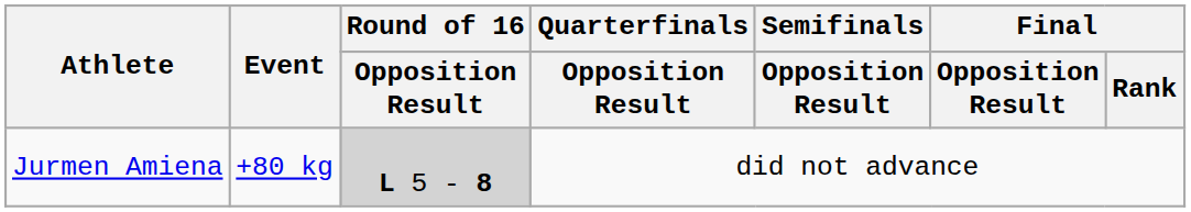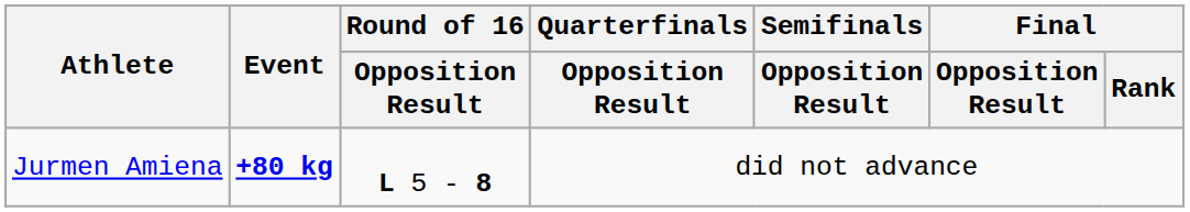 <table class="wikitable" style="font-size:90%">
 <tr>
 <th rowspan="2">Athlete</th>
 <th rowspan="2">Event</th>
 <th>Round of 16</th>
 <th>Quarterfinals</th>
 <th>Semifinals</th>
 <th colspan="2">Final</th>
 </tr>
 <tr>
 <th>Opposition<br>Result</th>
 <th>Opposition<br>Result</th>
 <th>Opposition<br>Result</th>
 <th>Opposition<br>Result</th>
 <th>Rank</th>
 </tr>
 <tr>
 <td><a href='#'>Jurmen Amiena</a></td>
-<td><a href='#'>+80 kg</a></td>
-<td align=center style="background: lightgrey;"> <br><strong>L</strong> 5 - <strong>8</strong></td>
+<td><strong><a href='#'>+80 kg</a></strong></td>
+<td align=center> <br><strong>L</strong> 5 - <strong>8</strong></td>
 <td align=center colspan="9">did not advance</td>
 </tr>
 </table>
